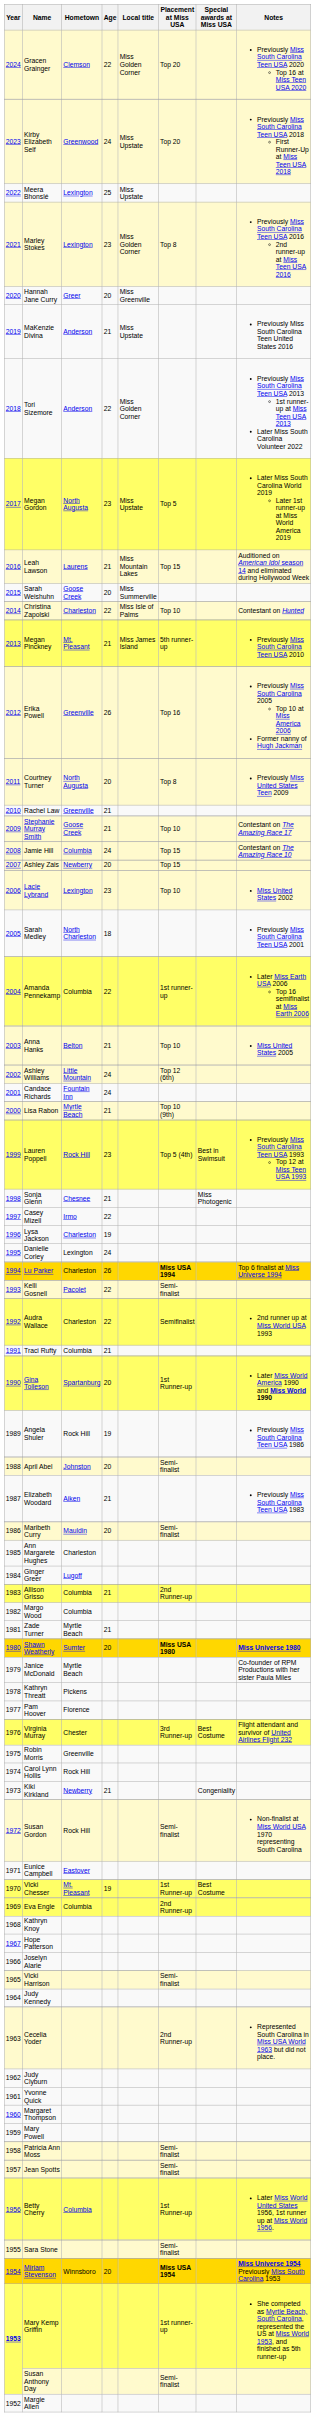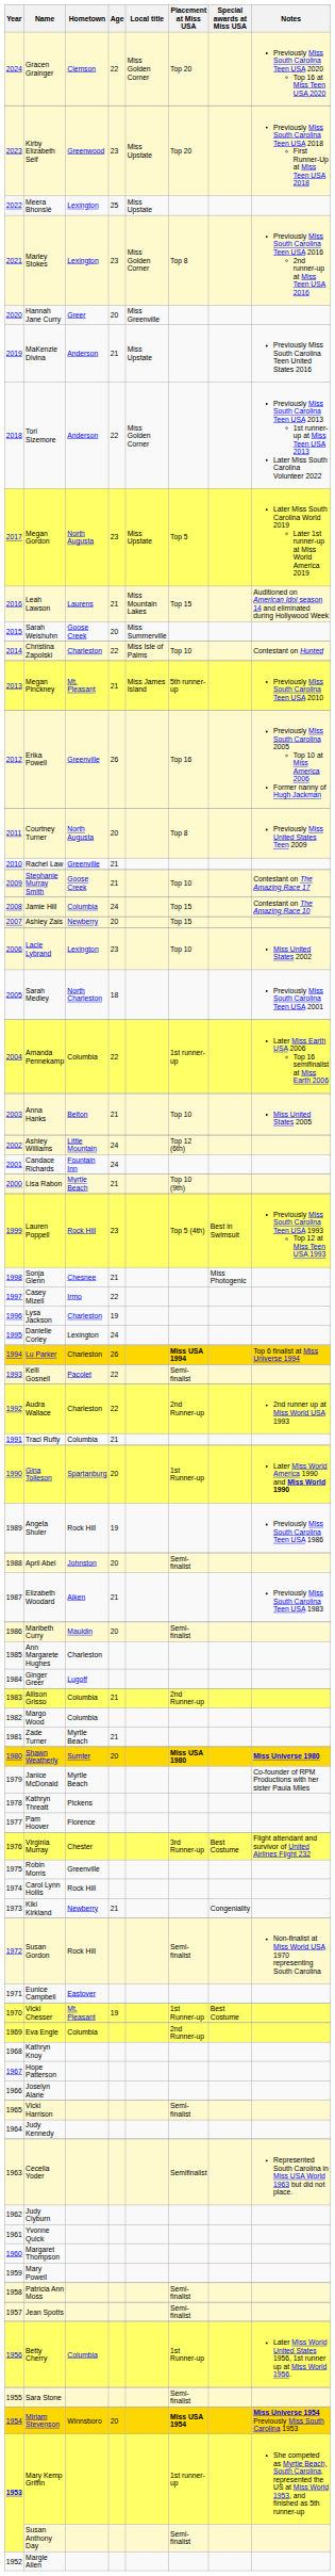 <table class="wikitable sortable"  style="font-size: 90%;">
 <tr bgcolor="#efefef">
 <th width=5%>Year</th>
 <th width=15%>Name</th>
 <th width=12%>Hometown</th>
 <th width=3%>Age</th>
 <th width=12%>Local title</th>
 <th width=12%>Placement at Miss USA</th>
 <th width=12%>Special awards at Miss USA</th>
 <th width=31%>Notes</th>
 </tr>
 <tr style="background-color:#FFFACD;”">
 <td><a href='#'>2024</a></td>
 <td>Gracen Grainger</td>
 <td><a href='#'>Clemson</a></td>
 <td>22</td>
 <td>Miss Golden Corner</td>
 <td>Top 20</td>
 <td></td>
 <td><br><ul><li>Previously <a href='#'>Miss South Carolina Teen USA</a> 2020<ul><li>Top 16 at <a href='#'>Miss Teen USA 2020</a></li></ul></li></ul></td>
 </tr>
 <tr>
 </tr>
 <tr style="background-color:#FFFACD">
 <td><a href='#'>2023</a></td>
 <td>Kirby Elizabeth Self</td>
 <td><a href='#'>Greenwood</a></td>
-<td>24</td>
+<td>23</td>
 <td>Miss Upstate</td>
 <td>Top 20</td>
 <td></td>
 <td><br><ul><li>Previously <a href='#'>Miss South Carolina Teen USA</a> 2018<ul><li>First Runner-Up at <a href='#'>Miss Teen USA 2018</a></li></ul></li></ul></td>
 </tr>
 <tr>
 <td><a href='#'>2022</a></td>
 <td>Meera Bhonslé</td>
 <td><a href='#'>Lexington</a></td>
 <td>25</td>
 <td>Miss Upstate</td>
 <td></td>
 <td></td>
 <td></td>
 </tr>
 <tr style="background-color:#FFFACD">
 <td><a href='#'>2021</a></td>
 <td>Marley Stokes</td>
 <td><a href='#'>Lexington</a></td>
 <td>23</td>
 <td>Miss Golden Corner</td>
 <td>Top 8</td>
 <td></td>
 <td><br><ul><li>Previously <a href='#'>Miss South Carolina Teen USA</a> 2016<ul><li>2nd runner-up at <a href='#'>Miss Teen USA 2016</a></li></ul></li></ul></td>
 </tr>
 <tr>
 <td><a href='#'>2020</a></td>
 <td>Hannah Jane Curry</td>
 <td><a href='#'>Greer</a></td>
 <td>20</td>
 <td>Miss Greenville</td>
 <td></td>
 <td></td>
 <td></td>
 </tr>
 <tr>
 <td><a href='#'>2019</a></td>
 <td>MaKenzie Divina</td>
 <td><a href='#'>Anderson</a></td>
 <td>21</td>
 <td>Miss Upstate</td>
 <td></td>
 <td></td>
 <td><br><ul><li>Previously Miss South Carolina Teen United States 2016</li></ul></td>
 </tr>
 <tr>
 <td><a href='#'>2018</a></td>
 <td>Tori Sizemore</td>
 <td><a href='#'>Anderson</a></td>
 <td>22</td>
 <td>Miss Golden Corner</td>
 <td></td>
 <td></td>
 <td><br><ul><li>Previously <a href='#'>Miss South Carolina Teen USA</a> 2013<ul><li>1st runner-up at <a href='#'>Miss Teen USA 2013</a></li></ul></li><li>Later Miss South Carolina Volunteer 2022</li></ul></td>
 </tr>
 <tr style="background-color:#FFFF66;">
 <td><a href='#'>2017</a></td>
 <td>Megan Gordon</td>
 <td><a href='#'>North Augusta</a></td>
 <td>23</td>
 <td>Miss Upstate</td>
 <td>Top 5</td>
 <td></td>
 <td><br><ul><li>Later Miss South Carolina World 2019<ul><li>Later 1st runner-up at Miss World America 2019</li></ul></li></ul></td>
 </tr>
 <tr style="background-color:#FFFACD;">
 <td><a href='#'>2016</a></td>
 <td>Leah Lawson</td>
 <td><a href='#'>Laurens</a></td>
 <td>21</td>
 <td>Miss Mountain Lakes</td>
 <td>Top 15</td>
 <td></td>
 <td>Auditioned on <a href='#'><em>American Idol</em> season 14</a> and eliminated during Hollywood Week</td>
 </tr>
 <tr>
 <td><a href='#'>2015</a></td>
 <td>Sarah Weishuhn</td>
 <td><a href='#'>Goose Creek</a></td>
 <td>20</td>
 <td>Miss Summerville</td>
 <td></td>
 <td></td>
 <td></td>
 </tr>
 <tr>
 </tr>
 <tr style="background-color:#FFFACD;">
 <td><a href='#'>2014</a></td>
 <td>Christina Zapolski</td>
 <td><a href='#'>Charleston</a></td>
 <td>22</td>
 <td>Miss Isle of Palms</td>
 <td>Top 10</td>
 <td></td>
 <td>Contestant on <em><a href='#'>Hunted</a></em></td>
 </tr>
 <tr>
 </tr>
 <tr style="background-color:#FFFF66;">
 <td><a href='#'>2013</a></td>
 <td>Megan Pinckney</td>
 <td><a href='#'>Mt. Pleasant</a></td>
 <td>21</td>
 <td>Miss James Island</td>
 <td>5th runner-up</td>
 <td></td>
 <td><br><ul><li>Previously <a href='#'>Miss South Carolina Teen USA</a> 2010</li></ul></td>
 </tr>
 <tr>
 </tr>
 <tr style="background-color:#FFFACD;">
 <td><a href='#'>2012</a></td>
 <td>Erika Powell</td>
 <td><a href='#'>Greenville</a></td>
 <td>26</td>
 <td></td>
 <td>Top 16</td>
 <td></td>
 <td><br><ul><li>Previously <a href='#'>Miss South Carolina</a> 2005<ul><li>Top 10 at <a href='#'>Miss America 2006</a></li></ul></li><li>Former nanny of <a href='#'>Hugh Jackman</a></li></ul></td>
 </tr>
 <tr>
 </tr>
 <tr style="background-color:#FFFACD;">
 <td><a href='#'>2011</a></td>
 <td>Courtney Turner</td>
 <td><a href='#'>North Augusta</a></td>
 <td>20</td>
 <td></td>
 <td>Top 8</td>
 <td></td>
 <td><br><ul><li>Previously <a href='#'>Miss United States Teen</a> 2009</li></ul></td>
 </tr>
 <tr>
 <td><a href='#'>2010</a></td>
 <td>Rachel Law</td>
 <td><a href='#'>Greenville</a></td>
 <td>21</td>
 <td></td>
 <td></td>
 <td></td>
 <td></td>
 </tr>
 <tr>
 </tr>
 <tr style="background-color:#FFFACD;">
 <td><a href='#'>2009</a></td>
 <td><a href='#'>Stephanie Murray Smith</a></td>
 <td><a href='#'>Goose Creek</a></td>
 <td>21</td>
 <td></td>
 <td>Top 10</td>
 <td></td>
 <td>Contestant on <em><a href='#'>The Amazing Race 17</a></em></td>
 </tr>
 <tr>
 </tr>
 <tr style="background-color:#FFFACD;">
 <td><a href='#'>2008</a></td>
 <td>Jamie Hill</td>
 <td><a href='#'>Columbia</a></td>
 <td>24</td>
 <td></td>
 <td>Top 15</td>
 <td></td>
 <td>Contestant on <em><a href='#'>The Amazing Race 10</a></em></td>
 </tr>
 <tr>
 </tr>
 <tr style="background-color:#FFFACD;">
 <td><a href='#'>2007</a></td>
 <td>Ashley Zais</td>
 <td><a href='#'>Newberry</a></td>
 <td>20</td>
 <td></td>
 <td>Top 15</td>
 <td></td>
 <td></td>
 </tr>
 <tr>
 </tr>
 <tr style="background-color:#FFFACD;">
 <td><a href='#'>2006</a></td>
 <td><a href='#'>Lacie Lybrand</a></td>
 <td><a href='#'>Lexington</a></td>
 <td>23</td>
 <td></td>
 <td>Top 10</td>
 <td></td>
 <td><br><ul><li><a href='#'>Miss United States</a> 2002</li></ul></td>
 </tr>
 <tr>
 <td><a href='#'>2005</a></td>
 <td>Sarah Medley</td>
 <td><a href='#'>North Charleston</a></td>
 <td>18</td>
 <td></td>
 <td></td>
 <td></td>
 <td><br><ul><li>Previously <a href='#'>Miss South Carolina Teen USA</a> 2001</li></ul></td>
 </tr>
 <tr>
 </tr>
 <tr style="background-color:#FFFF66;">
 <td><a href='#'>2004</a></td>
 <td>Amanda Pennekamp</td>
 <td>Columbia</td>
 <td>22</td>
 <td></td>
 <td>1st runner-up</td>
 <td></td>
 <td><br><ul><li>Later <a href='#'>Miss Earth USA</a> 2006<ul><li>Top 16 semifinalist at <a href='#'>Miss Earth 2006</a></li></ul></li></ul></td>
 </tr>
 <tr>
 </tr>
 <tr style="background-color:#FFFACD;">
 <td><a href='#'>2003</a></td>
 <td>Anna Hanks</td>
 <td><a href='#'>Belton</a></td>
 <td>21</td>
 <td></td>
 <td>Top 10</td>
 <td></td>
 <td><br><ul><li><a href='#'>Miss United States</a> 2005</li></ul></td>
 </tr>
 <tr>
 </tr>
 <tr style="background-color:#FFFACD;">
 <td><a href='#'>2002</a></td>
 <td>Ashley Williams</td>
 <td><a href='#'>Little Mountain</a></td>
 <td>24</td>
 <td></td>
 <td>Top 12 (6th)</td>
 <td></td>
 <td></td>
 </tr>
 <tr>
 <td><a href='#'>2001</a></td>
 <td>Candace Richards</td>
 <td><a href='#'>Fountain Inn</a></td>
 <td>24</td>
 <td></td>
 <td></td>
 <td></td>
 <td></td>
 </tr>
 <tr>
 </tr>
 <tr style="background-color:#FFFACD;">
 <td><a href='#'>2000</a></td>
 <td>Lisa Rabon</td>
 <td><a href='#'>Myrtle Beach</a></td>
 <td>21</td>
 <td></td>
 <td>Top 10 (9th)</td>
 <td></td>
 <td></td>
 </tr>
 <tr>
 </tr>
 <tr style="background-color:#FFFF66;">
 <td><a href='#'>1999</a></td>
 <td>Lauren Poppell</td>
 <td><a href='#'>Rock Hill</a></td>
 <td>23</td>
 <td></td>
 <td>Top 5 (4th)</td>
 <td>Best in Swimsuit</td>
 <td><br><ul><li>Previously <a href='#'>Miss South Carolina Teen USA</a> 1993<ul><li>Top 12 at <a href='#'>Miss Teen USA 1993</a></li></ul></li></ul></td>
 </tr>
 <tr>
 <td><a href='#'>1998</a></td>
 <td>Sonja Glenn</td>
 <td><a href='#'>Chesnee</a></td>
 <td>21</td>
 <td></td>
 <td></td>
 <td>Miss Photogenic</td>
 <td></td>
 </tr>
 <tr>
 <td><a href='#'>1997</a></td>
 <td>Casey Mizell</td>
 <td><a href='#'>Irmo</a></td>
 <td>22</td>
 <td></td>
 <td></td>
 <td></td>
 <td></td>
 </tr>
 <tr>
 <td><a href='#'>1996</a></td>
 <td>Lysa Jackson</td>
 <td><a href='#'>Charleston</a></td>
 <td>19</td>
 <td></td>
 <td></td>
 <td></td>
 <td></td>
 </tr>
 <tr>
 <td><a href='#'>1995</a></td>
 <td>Danielle Corley</td>
 <td>Lexington</td>
 <td>24</td>
 <td></td>
 <td></td>
 <td></td>
 <td></td>
 </tr>
 <tr>
 </tr>
 <tr style="background-color:GOLD;">
 <td><a href='#'>1994</a></td>
 <td><a href='#'>Lu Parker</a></td>
 <td>Charleston</td>
 <td>26</td>
 <td></td>
 <td><strong>Miss USA 1994</strong></td>
 <td></td>
 <td>Top 6 finalist at <a href='#'>Miss Universe 1994</a></td>
 </tr>
 <tr>
 </tr>
 <tr style="background-color:#FFFACD;">
 <td><a href='#'>1993</a></td>
 <td>Kelli Gosnell</td>
 <td><a href='#'>Pacolet</a></td>
 <td>22</td>
 <td></td>
 <td>Semi-finalist</td>
 <td></td>
 <td></td>
 </tr>
 <tr>
 </tr>
 <tr style="background-color:#FFFF66;">
 <td><a href='#'>1992</a></td>
 <td>Audra Wallace</td>
 <td>Charleston</td>
 <td>22</td>
 <td></td>
-<td>Semifinalist</td>
+<td>2nd Runner-up</td>
 <td></td>
 <td><br><ul><li>2nd runner up at <a href='#'>Miss World USA</a> 1993</li></ul></td>
 </tr>
 <tr>
 <td><a href='#'>1991</a></td>
 <td>Traci Rufty</td>
 <td>Columbia</td>
 <td>21</td>
 <td></td>
 <td></td>
 <td></td>
 <td></td>
 </tr>
 <tr>
 </tr>
 <tr style="background-color:#FFFF66;">
 <td><a href='#'>1990</a></td>
 <td><a href='#'>Gina Tolleson</a></td>
 <td><a href='#'>Spartanburg</a></td>
 <td>20</td>
 <td></td>
 <td>1st Runner-up</td>
 <td></td>
 <td><br><ul><li>Later <a href='#'>Miss World America</a> 1990 and <strong><a href='#'>Miss World</a> 1990</strong></li></ul></td>
 </tr>
 <tr>
 <td>1989</td>
 <td>Angela Shuler</td>
 <td>Rock Hill</td>
 <td>19</td>
 <td></td>
 <td></td>
 <td></td>
 <td><br><ul><li>Previously <a href='#'>Miss South Carolina Teen USA</a> 1986</li></ul></td>
 </tr>
 <tr>
 </tr>
 <tr style="background-color:#FFFACD;">
 <td>1988</td>
 <td>April Abel</td>
 <td><a href='#'>Johnston</a></td>
 <td>20</td>
 <td></td>
 <td>Semi-finalist</td>
 <td></td>
 <td></td>
 </tr>
 <tr>
 <td>1987</td>
 <td>Elizabeth Woodard</td>
 <td><a href='#'>Aiken</a></td>
 <td>21</td>
 <td></td>
 <td></td>
 <td></td>
 <td><br><ul><li>Previously <a href='#'>Miss South Carolina Teen USA</a> 1983</li></ul></td>
 </tr>
 <tr>
 </tr>
 <tr style="background-color:#FFFACD;">
 <td>1986</td>
 <td>Maribeth Curry</td>
 <td><a href='#'>Mauldin</a></td>
 <td>20</td>
 <td></td>
 <td>Semi-finalist</td>
 <td></td>
 <td></td>
 </tr>
 <tr>
 <td>1985</td>
 <td>Ann Margarete Hughes</td>
 <td>Charleston</td>
 <td></td>
 <td></td>
 <td></td>
 <td></td>
 <td></td>
 </tr>
 <tr>
 <td>1984</td>
 <td>Ginger Greer</td>
 <td><a href='#'>Lugoff</a></td>
 <td></td>
 <td></td>
 <td></td>
 <td></td>
 <td></td>
 </tr>
 <tr>
 </tr>
 <tr style="background-color:#FFFF66;">
 <td>1983</td>
 <td>Allison Grisso</td>
 <td>Columbia</td>
 <td>21</td>
 <td></td>
 <td>2nd Runner-up</td>
 <td></td>
 <td></td>
 </tr>
 <tr>
 <td>1982</td>
 <td>Margo Wood</td>
 <td>Columbia</td>
 <td></td>
 <td></td>
 <td></td>
 <td></td>
 <td></td>
 </tr>
 <tr>
 <td>1981</td>
 <td>Zade Turner</td>
 <td>Myrtle Beach</td>
 <td>21</td>
 <td></td>
 <td></td>
 <td></td>
 <td></td>
 </tr>
 <tr>
 </tr>
 <tr style="background-color:GOLD;">
 <td><a href='#'>1980</a></td>
 <td><a href='#'>Shawn Weatherly</a></td>
 <td><a href='#'>Sumter</a></td>
 <td>20</td>
 <td></td>
 <td><strong>Miss USA 1980</strong></td>
 <td></td>
 <td><strong><a href='#'>Miss Universe 1980</a></strong></td>
 </tr>
 <tr>
 <td>1979</td>
 <td>Janice McDonald</td>
 <td>Myrtle Beach</td>
 <td></td>
 <td></td>
 <td></td>
 <td></td>
 <td>Co-founder of RPM Productions with her sister Paula Miles</td>
 </tr>
 <tr>
 <td>1978</td>
 <td>Kathryn Threatt</td>
 <td>Pickens</td>
 <td></td>
 <td></td>
 <td></td>
 <td></td>
 <td></td>
 </tr>
 <tr>
 <td>1977</td>
 <td>Pam Hoover</td>
 <td>Florence</td>
 <td></td>
 <td></td>
 <td></td>
 <td></td>
 <td></td>
 </tr>
 <tr>
 </tr>
 <tr style="background-color:#FFFF66;">
 <td>1976</td>
 <td>Virginia Murray</td>
 <td>Chester</td>
 <td></td>
 <td></td>
 <td>3rd Runner-up</td>
 <td>Best Costume</td>
 <td>Flight attendant and survivor of <a href='#'>United Airlines Flight 232</a></td>
 </tr>
 <tr>
 <td>1975</td>
 <td>Robin Morris</td>
 <td>Greenville</td>
 <td></td>
 <td></td>
 <td></td>
 <td></td>
 <td></td>
 </tr>
 <tr>
 <td>1974</td>
 <td>Carol Lynn Hollis</td>
 <td>Rock Hill</td>
 <td></td>
 <td></td>
 <td></td>
 <td></td>
 <td></td>
 </tr>
 <tr>
 <td>1973</td>
 <td>Kiki Kirkland</td>
 <td><a href='#'>Newberry</a></td>
 <td>21</td>
 <td></td>
 <td></td>
 <td>Congeniality</td>
 <td></td>
 </tr>
 <tr>
 </tr>
 <tr style="background-color:#FFFACD;">
 <td><a href='#'>1972</a></td>
 <td>Susan Gordon</td>
 <td>Rock Hill</td>
 <td></td>
 <td></td>
 <td>Semi-finalist</td>
 <td></td>
 <td><br><ul><li>Non-finalist at <a href='#'>Miss World USA</a> 1970 representing South Carolina</li></ul></td>
 </tr>
 <tr>
 <td>1971</td>
 <td>Eunice Campbell</td>
 <td><a href='#'>Eastover</a></td>
 <td></td>
 <td></td>
 <td></td>
 <td></td>
 <td></td>
 </tr>
 <tr>
 </tr>
 <tr style="background-color:#FFFF66;">
 <td>1970</td>
 <td>Vicki Chesser</td>
 <td><a href='#'>Mt. Pleasant</a></td>
 <td>19</td>
 <td></td>
 <td>1st Runner-up</td>
 <td>Best Costume</td>
 <td></td>
 </tr>
 <tr>
 </tr>
 <tr style="background-color:#FFFF66;">
 <td>1969</td>
 <td>Eva Engle</td>
 <td>Columbia</td>
 <td></td>
 <td></td>
 <td>2nd Runner-up</td>
 <td></td>
 <td></td>
 </tr>
 <tr>
 <td>1968</td>
 <td>Kathryn Knoy</td>
 <td></td>
 <td></td>
 <td></td>
 <td></td>
 <td></td>
 <td></td>
 </tr>
 <tr>
 <td><a href='#'>1967</a></td>
 <td>Hope Patterson</td>
 <td></td>
 <td></td>
 <td></td>
 <td></td>
 <td></td>
 <td></td>
 </tr>
 <tr>
 <td>1966</td>
 <td>Joselyn Alarie</td>
 <td></td>
 <td></td>
 <td></td>
 <td></td>
 <td></td>
 </tr>
 <tr>
 </tr>
 <tr style="background-color:#FFFACD;">
 <td>1965</td>
 <td>Vicki Harrison</td>
 <td></td>
 <td></td>
 <td></td>
 <td>Semi-finalist</td>
 <td></td>
 <td></td>
 </tr>
 <tr>
 <td>1964</td>
 <td>Judy Kennedy</td>
 <td></td>
 <td></td>
 <td></td>
 <td></td>
 <td></td>
 <td></td>
 </tr>
 <tr>
 </tr>
 <tr style="background-color:#FFFACD;">
 <td>1963</td>
 <td>Cecelia Yoder</td>
 <td></td>
 <td></td>
 <td></td>
-<td>2nd Runner-up</td>
+<td>Semifinalist</td>
 <td></td>
 <td><br><ul><li>Represented South Carolina in <a href='#'>Miss USA World 1963</a> but did not place.</li></ul></td>
 </tr>
 <tr>
 <td>1962</td>
 <td>Judy Clyburn</td>
 <td></td>
 <td></td>
 <td></td>
 <td></td>
 <td></td>
 <td></td>
 </tr>
 <tr>
 <td>1961</td>
 <td>Yvonne Quick</td>
 <td></td>
 <td></td>
 <td></td>
 <td></td>
 <td></td>
 <td></td>
 </tr>
 <tr>
 <td><a href='#'>1960</a></td>
 <td>Margaret Thompson</td>
 <td></td>
 <td></td>
 <td></td>
 <td></td>
 <td></td>
 <td></td>
 </tr>
 <tr>
 <td>1959</td>
 <td>Mary Powell</td>
 <td></td>
 <td></td>
 <td></td>
 <td></td>
 <td></td>
 <td></td>
 </tr>
 <tr>
 </tr>
 <tr style="background-color:#FFFACD;">
 <td>1958</td>
 <td>Patricia Ann Moss</td>
 <td></td>
 <td></td>
 <td></td>
 <td>Semi-finalist</td>
 <td></td>
 <td></td>
 </tr>
 <tr>
 </tr>
 <tr style="background-color:#FFFACD;">
 <td>1957</td>
 <td>Jean Spotts</td>
 <td></td>
 <td></td>
 <td></td>
 <td>Semi-finalist</td>
 <td></td>
 <td></td>
 </tr>
 <tr>
 </tr>
 <tr style="background-color:#FFFF66;">
 <td><a href='#'>1956</a></td>
 <td>Betty Cherry</td>
 <td><a href='#'>Columbia</a></td>
 <td></td>
 <td></td>
 <td>1st Runner-up</td>
 <td></td>
 <td><br><ul><li>Later <a href='#'>Miss World United States</a>  1956, 1st runner up at <a href='#'>Miss World 1956</a>.</li></ul></td>
 </tr>
 <tr>
 </tr>
 <tr style="background-color:#FFFACD;">
 <td>1955</td>
 <td>Sara Stone</td>
 <td></td>
 <td></td>
 <td></td>
 <td>Semi-finalist</td>
 <td></td>
 <td></td>
 </tr>
 <tr>
 </tr>
 <tr style="background-color:GOLD;">
 <td><a href='#'>1954</a></td>
 <td><a href='#'>Miriam Stevenson</a></td>
 <td>Winnsboro</td>
 <td>20</td>
 <td></td>
 <td><strong>Miss USA 1954</strong></td>
 <td></td>
 <td><strong><a href='#'>Miss Universe 1954</a></strong><br>Previously <a href='#'>Miss South Carolina</a> 1953</td>
 </tr>
 <tr style="background-color:#FFFF66;">
 <td rowspan=2><strong><a href='#'>1953</a></strong></td>
 <td>Mary Kemp Griffin</td>
 <td></td>
 <td></td>
 <td></td>
 <td>1st runner-up</td>
 <td></td>
 <td><br><ul><li>She competed as <a href='#'>Myrtle Beach, South Carolina</a>, represented the US at <a href='#'>Miss World 1953</a>, and finished as 5th runner-up</li></ul></td>
 </tr>
 <tr style="background-color:#FFFACD;">
 <td>Susan Anthony Day</td>
 <td></td>
 <td></td>
 <td></td>
 <td>Semi-finalist</td>
 <td></td>
 <td></td>
 </tr>
 <tr>
 <td>1952</td>
 <td>Margie Allen</td>
 <td></td>
 <td></td>
 <td></td>
 <td></td>
 <td></td>
 <td></td>
 </tr>
 </table>
